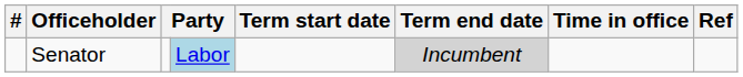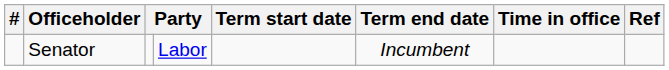 <table class='wikitable sortable'>
 <tr>
 <th>#</th>
 <th>Officeholder</th>
 <th colspan="2">Party</th>
 <th>Term start date</th>
 <th>Term end date</th>
 <th>Time in office</th>
 <th class="unsortable">Ref</th>
 </tr>
 <tr>
 <td align=center></td>
 <td>Senator </td>
 <td></td>
-<td style="background: lightblue;"><a href='#'>Labor</a></td>
+<td><a href='#'>Labor</a></td>
 <td align=center></td>
-<td align=center style="background: lightgrey;"><em>Incumbent</em></td>
+<td align=center><em>Incumbent</em></td>
 <td align=right></td>
 <td></td>
 </tr>
 </table>
